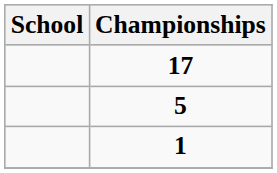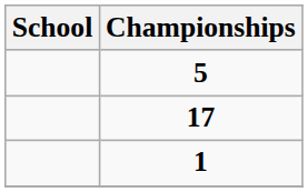 <table class="wikitable sortable" style="text-align:center">
 <tr>
 <th>School</th>
 <th>Championships</th>
 </tr>
 <tr>
 <td><strong><a href='#'></a></strong></td>
-<td><strong>17</strong></td>
+<td><strong>5</strong></td>
 </tr>
 <tr>
 <td><strong><a href='#'></a></strong></td>
-<td><strong>5</strong></td>
+<td><strong>17</strong></td>
 </tr>
 <tr>
 <td><strong><a href='#'></a></strong></td>
 <td><strong>1</strong></td>
 </tr>
 <tr>
 </tr>
 </table>
